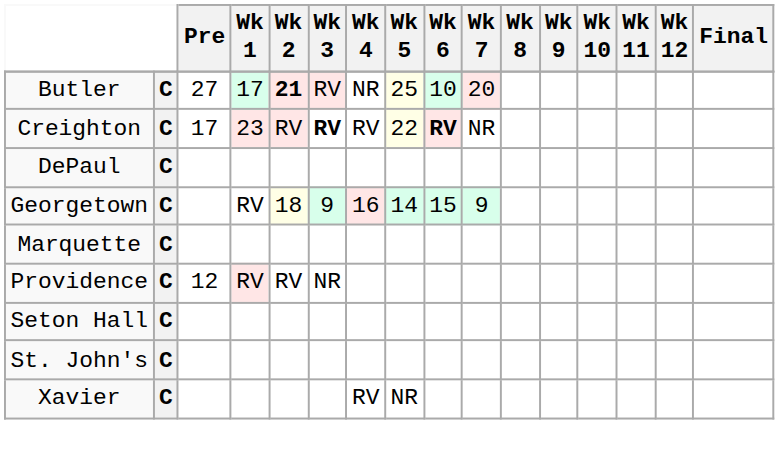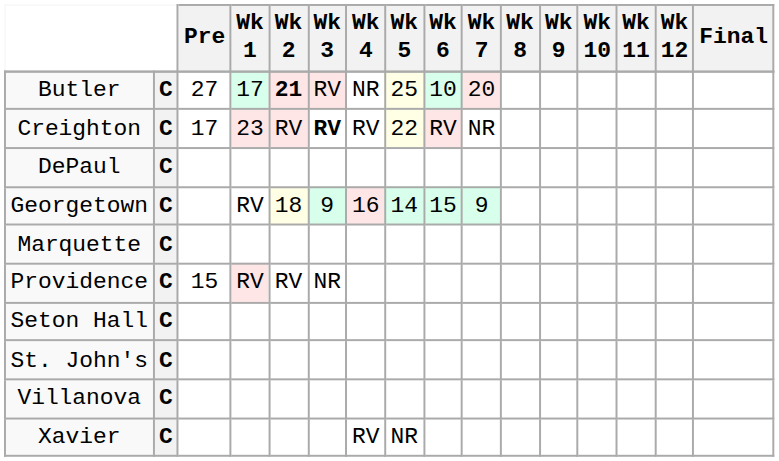 <table class="wikitable" style="white-space:nowrap;font-size:90%;">
 <tr>
 <th colspan=2 style="background:white; border-top-style:hidden; border-left-style:hidden;"> </th>
 <th>Pre</th>
 <th>Wk<br>1</th>
 <th>Wk<br>2</th>
 <th>Wk<br>3</th>
 <th>Wk<br>4</th>
 <th>Wk<br>5</th>
 <th>Wk<br>6</th>
 <th>Wk<br>7</th>
 <th>Wk<br>8</th>
 <th>Wk<br>9</th>
 <th>Wk<br>10</th>
 <th>Wk<br>11</th>
 <th>Wk<br>12</th>
 <th>Final</th>
 </tr>
 <tr style="text-align:center;">
 </tr>
 <tr align=center>
 <td>Butler</td>
 <th>C</th>
 <td style="background:#FFF;"> 27</td>
 <td style="background:#D8FFEB;"> 17</td>
 <td style="background:#FFE6E6;"><strong> 21</strong></td>
 <td style="background:#FFE6E6;"> RV</td>
 <td style="background:#FFF;"> NR</td>
 <td style="background:#FFFFE6;"> 25</td>
 <td style="background:#D8FFEB;"> 10</td>
 <td style="background:#FFE6E6;"> 20</td>
 <td style="background:#FFF;"></td>
 <td style="background:#FFF;"></td>
 <td style="background:#FFF;"></td>
 <td style="background:#FFF;"></td>
 <td style="background:#FFF;"></td>
 <td style="background:#FFF;"></td>
 </tr>
 <tr align=center>
 <td>Creighton</td>
 <th>C</th>
 <td style="background:#FFF;"> 17</td>
 <td style="background:#FFE6E6;"> 23</td>
 <td style="background:#FFE6E6;"> RV</td>
 <td style="background:#FFF;"><strong> RV</strong></td>
 <td style="background:#FFF;"> RV</td>
 <td style="background:#FFFFE6;"> 22</td>
-<td style="background:#FFE6E6;"><strong> RV</strong></td>
+<td style="background:#FFE6E6;"> RV</td>
 <td style="background:#FFF;"> NR</td>
 <td style="background:#FFF;"></td>
 <td style="background:#FFF;"></td>
 <td style="background:#FFF;"></td>
 <td style="background:#FFF;"></td>
 <td style="background:#FFF;"></td>
 <td style="background:#FFF;"></td>
 </tr>
 <tr align=center>
 <td>DePaul</td>
 <th>C</th>
 <td style="background:#FFF;"></td>
 <td style="background:#FFF;"></td>
 <td style="background:#FFF;"></td>
 <td style="background:#FFF;"></td>
 <td style="background:#FFF;"></td>
 <td style="background:#FFF;"></td>
 <td style="background:#FFF;"></td>
 <td style="background:#FFF;"></td>
 <td style="background:#FFF;"></td>
 <td style="background:#FFF;"></td>
 <td style="background:#FFF;"></td>
 <td style="background:#FFF;"></td>
 <td style="background:#FFF;"></td>
 <td style="background:#FFF;"></td>
 </tr>
 <tr align=center>
 <td>Georgetown</td>
 <th>C</th>
 <td style="background:#FFF;"></td>
 <td style="background:#FFF;"> RV</td>
 <td style="background:#FFFFE6;"> 18</td>
 <td style="background:#D8FFEB;"> 9</td>
 <td style="background:#FFE6E6;"> 16</td>
 <td style="background:#D8FFEB;"> 14</td>
 <td style="background:#D8FFEB;"> 15</td>
 <td style="background:#D8FFEB;"> 9</td>
 <td style="background:#FFF;"></td>
 <td style="background:#FFF;"></td>
 <td style="background:#FFF;"></td>
 <td style="background:#FFF;"></td>
 <td style="background:#FFF;"></td>
 <td style="background:#FFF;"></td>
 </tr>
 <tr align=center>
 <td>Marquette</td>
 <th>C</th>
 <td style="background:#FFF;"></td>
 <td style="background:#FFF;"></td>
 <td style="background:#FFF;"></td>
 <td style="background:#FFF;"></td>
 <td style="background:#FFF;"></td>
 <td style="background:#FFF;"></td>
 <td style="background:#FFF;"></td>
 <td style="background:#FFF;"></td>
 <td style="background:#FFF;"></td>
 <td style="background:#FFF;"></td>
 <td style="background:#FFF;"></td>
 <td style="background:#FFF;"></td>
 <td style="background:#FFF;"></td>
 <td style="background:#FFF;"></td>
 </tr>
 <tr align=center>
 <td>Providence</td>
 <th>C</th>
-<td style="background:#FFF;"> 12</td>
+<td style="background:#FFF;"> 15</td>
 <td style="background:#FFE6E6;"> RV</td>
 <td style="background:#FFF;"> RV</td>
 <td style="background:#FFF;"> NR</td>
 <td style="background:#FFF;"></td>
 <td style="background:#FFF;"></td>
 <td style="background:#FFF;"></td>
 <td style="background:#FFF;"></td>
 <td style="background:#FFF;"></td>
 <td style="background:#FFF;"></td>
 <td style="background:#FFF;"></td>
 <td style="background:#FFF;"></td>
 <td style="background:#FFF;"></td>
 <td style="background:#FFF;"></td>
 </tr>
 <tr align=center>
 <td>Seton Hall</td>
 <th>C</th>
 <td style="background:#FFF;"></td>
 <td style="background:#FFF;"></td>
 <td style="background:#FFF;"></td>
 <td style="background:#FFF;"></td>
 <td style="background:#FFF;"></td>
 <td style="background:#FFF;"></td>
 <td style="background:#FFF;"></td>
 <td style="background:#FFF;"></td>
 <td style="background:#FFF;"></td>
 <td style="background:#FFF;"></td>
 <td style="background:#FFF;"></td>
 <td style="background:#FFF;"></td>
 <td style="background:#FFF;"></td>
 <td style="background:#FFF;"></td>
 </tr>
 <tr align=center>
 <td>St. John's</td>
 <th>C</th>
 <td style="background:#FFF;"></td>
 <td style="background:#FFF;"></td>
 <td style="background:#FFF;"></td>
 <td style="background:#FFF;"></td>
 <td style="background:#FFF;"></td>
 <td style="background:#FFF;"></td>
 <td style="background:#FFF;"></td>
 <td style="background:#FFF;"></td>
 <td style="background:#FFF;"></td>
 <td style="background:#FFF;"></td>
 <td style="background:#FFF;"></td>
 <td style="background:#FFF;"></td>
 <td style="background:#FFF;"></td>
 <td style="background:#FFF;"></td>
 </tr>
 <tr align=center>
+<td>Villanova</td>
+<th>C</th>
+<td style="background:#FFF;"></td>
+<td style="background:#FFF;"></td>
+<td style="background:#FFF;"></td>
+<td style="background:#FFF;"></td>
+<td style="background:#FFF;"></td>
+<td style="background:#FFF;"></td>
+<td style="background:#FFF;"></td>
+<td style="background:#FFF;"></td>
+<td style="background:#FFF;"></td>
+<td style="background:#FFF;"></td>
+<td style="background:#FFF;"></td>
+<td style="background:#FFF;"></td>
+<td style="background:#FFF;"></td>
+<td style="background:#FFF;"></td>
+</tr>
+<tr align=center>
 <td>Xavier</td>
 <th>C</th>
 <td style="background:#FFF;"></td>
 <td style="background:#FFF;"></td>
 <td style="background:#FFF;"></td>
 <td style="background:#FFF;"></td>
 <td style="background:#FFF;"> RV</td>
 <td style="background:#FFF;"> NR</td>
 <td style="background:#FFF;"></td>
 <td style="background:#FFF;"></td>
 <td style="background:#FFF;"></td>
 <td style="background:#FFF;"></td>
 <td style="background:#FFF;"></td>
 <td style="background:#FFF;"></td>
 <td style="background:#FFF;"></td>
 <td style="background:#FFF;"></td>
 </tr>
 </table>
